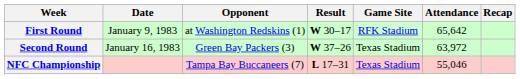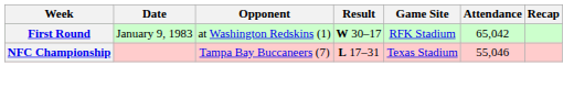 <table class="wikitable" style="text-align:center">
 <tr>
 <th>Week</th>
 <th>Date</th>
 <th>Opponent</th>
 <th>Result</th>
 <th>Game Site</th>
 <th>Attendance</th>
 <th>Recap</th>
 </tr>
 <tr style="background: #cfc">
 <th><a href='#'>First Round</a></th>
 <td>January 9, 1983</td>
 <td>at <a href='#'>Washington Redskins</a> (1)</td>
 <td><strong>W</strong> 30–17</td>
 <td><a href='#'>RFK Stadium</a></td>
-<td>65,642</td>
-<td></td>
-</tr>
-<tr style="background: #cfc">
-<th><a href='#'>Second Round</a></th>
-<td>January 16, 1983</td>
-<td><a href='#'>Green Bay Packers</a> (3)</td>
-<td><strong>W</strong> 37–26</td>
-<td>Texas Stadium</td>
-<td>63,972</td>
+<td>65,042</td>
 <td></td>
 </tr>
 <tr style="background: #fcc">
 <th><a href='#'>NFC Championship</a></th>
 <td></td>
 <td><a href='#'>Tampa Bay Buccaneers</a> (7)</td>
 <td><strong>L</strong> 17–31</td>
 <td><a href='#'>Texas Stadium</a></td>
 <td>55,046</td>
 <td></td>
 </tr>
 </table>
